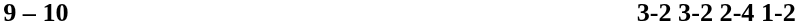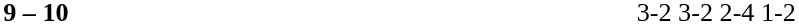 <table width=100% cellspacing=1>
 <tr>
 <th width=20%></th>
 <th width=12%></th>
 <th width=20%></th>
 <th width=33%></th>
 <td></td>
 </tr>
 <tr style=font-size:90%>
 <td align=right></td>
 <td align=center><strong>9 – 10</strong></td>
 <td><strong></strong></td>
-<td><strong>3-2 3-2 2-4 1-2</strong></td>
+<td>3-2 3-2 2-4 1-2</td>
 </tr>
 </table>
